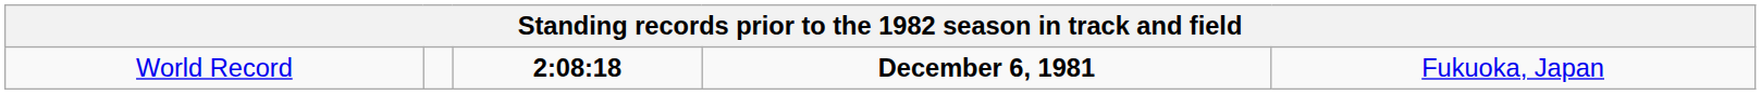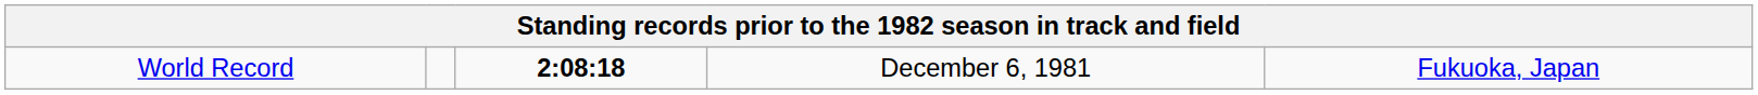 <table class="wikitable" style=" text-align:center; font-size:110%;" width="95%">
 <tr>
 <th colspan="5">Standing records prior to the 1982 season in track and field</th>
 </tr>
 <tr>
 <td><a href='#'>World Record</a></td>
 <td></td>
 <td><strong>2:08:18</strong></td>
-<td><strong>December 6, 1981</strong></td>
+<td>December 6, 1981</td>
 <td> <a href='#'>Fukuoka, Japan</a></td>
 </tr>
 </table>
